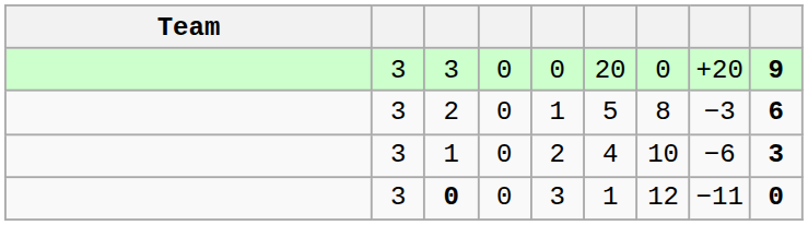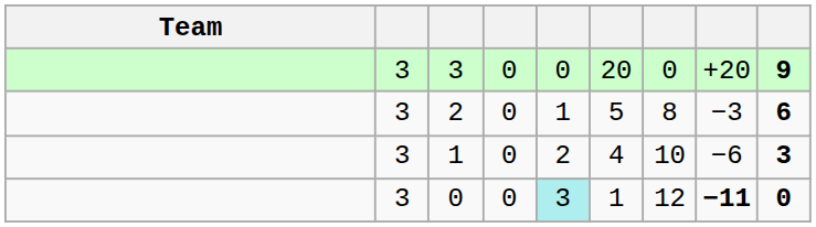 <table class="wikitable" style="text-align: center;">
 <tr>
 <th width="175">Team</th>
 <th width="20"></th>
 <th width="20"></th>
 <th width="20"></th>
 <th width="20"></th>
 <th width="20"></th>
 <th width="20"></th>
 <th width="20"></th>
 <th width="20"></th>
 </tr>
 <tr bgcolor=ccffcc>
 <td align=left></td>
 <td>3</td>
 <td>3</td>
 <td>0</td>
 <td>0</td>
 <td>20</td>
 <td>0</td>
 <td>+20</td>
 <td><strong>9</strong></td>
 </tr>
 <tr>
 <td align=left></td>
 <td>3</td>
 <td>2</td>
 <td>0</td>
 <td>1</td>
 <td>5</td>
 <td>8</td>
 <td>−3</td>
 <td><strong>6</strong></td>
 </tr>
 <tr>
 <td align=left></td>
 <td>3</td>
 <td>1</td>
 <td>0</td>
 <td>2</td>
 <td>4</td>
 <td>10</td>
 <td>−6</td>
 <td><strong>3</strong></td>
 </tr>
 <tr>
 <td align=left><em></em></td>
 <td>3</td>
-<td><strong>0</strong></td>
 <td>0</td>
-<td>3</td>
+<td>0</td>
+<td style="background: paleturquoise;">3</td>
 <td>1</td>
 <td>12</td>
-<td>−11</td>
+<td><strong>−11</strong></td>
 <td><strong>0</strong></td>
 </tr>
 </table>
